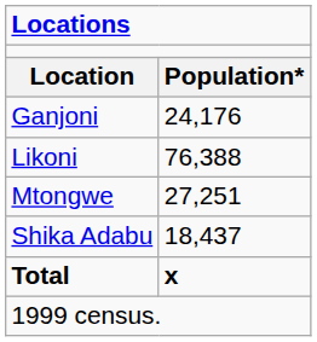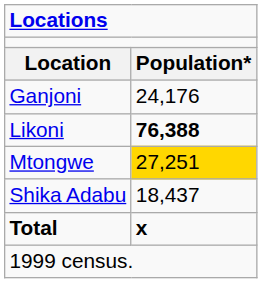 <table class="wikitable">
 <tr>
 <td colspan="2"><strong><a href='#'>Locations</a></strong></td>
 </tr>
 <tr>
 <td colspan="2"></td>
 </tr>
 <tr>
 <th>Location</th>
 <th>Population*</th>
 </tr>
 <tr>
 <td><a href='#'>Ganjoni</a></td>
 <td>24,176</td>
 </tr>
 <tr>
 <td><a href='#'>Likoni</a></td>
-<td>76,388</td>
+<td><strong>76,388</strong></td>
 </tr>
 <tr>
 <td><a href='#'>Mtongwe</a></td>
-<td>27,251</td>
+<td style="background: gold;">27,251</td>
 </tr>
 <tr>
 <td><a href='#'>Shika Adabu</a></td>
 <td>18,437</td>
 </tr>
 <tr>
 <td><strong>Total</strong></td>
 <td><strong>x</strong></td>
 </tr>
 <tr>
 <td colspan="2">1999 census.</td>
 </tr>
 </table>
